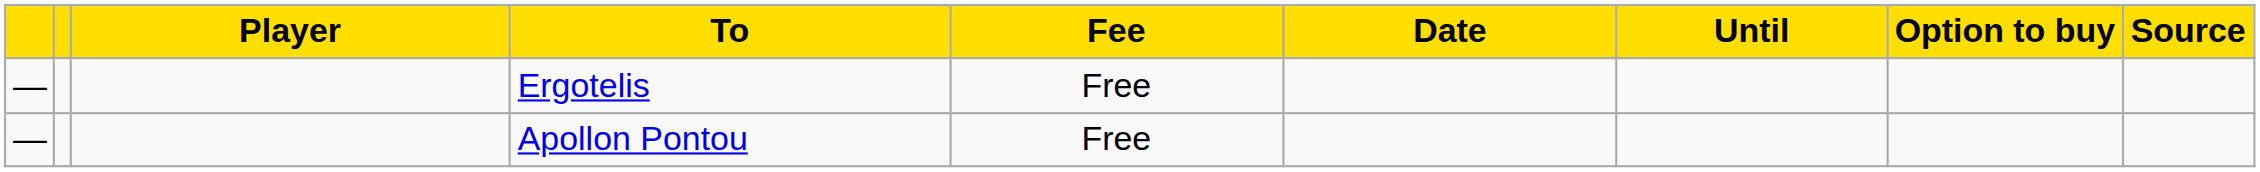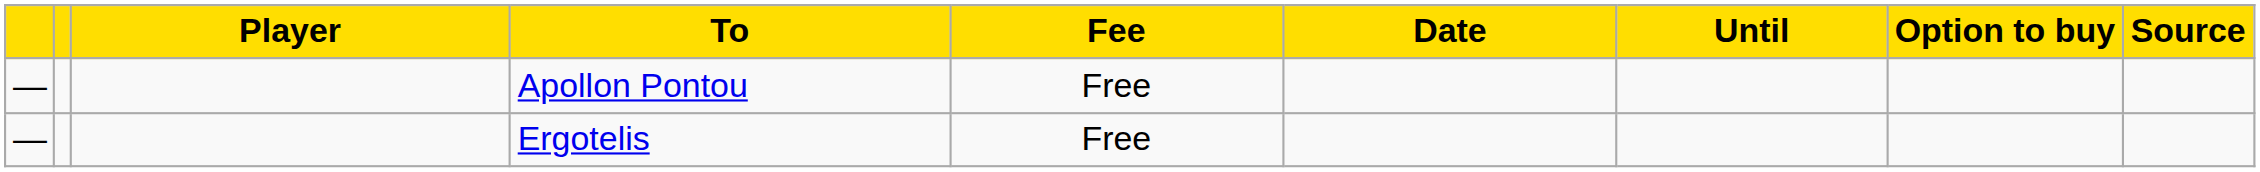 <table class="wikitable sortable">
 <tr>
 <th style="background:#FFDE00"></th>
 <th style="background:#FFDE00"></th>
 <th width=200 style="background:#FFDE00">Player</th>
 <th width=200 style="background:#FFDE00">To</th>
 <th width=150 style="background:#FFDE00">Fee</th>
 <th width=150 style="background:#FFDE00">Date</th>
 <th width=120 style="background:#FFDE00">Until</th>
 <th style="background:#FFDE00">Option to buy</th>
 <th style="background:#FFDE00">Source</th>
 </tr>
 <tr>
 <td align=center>—</td>
 <td align=center></td>
 <td></td>
-<td> <a href='#'>Ergotelis</a></td>
+<td> <a href='#'>Apollon Pontou</a></td>
 <td align=center>Free</td>
 <td align=center></td>
 <td align=center></td>
 <td align=center></td>
 <td align=center></td>
 </tr>
 <tr>
 <td align=center>—</td>
 <td align=center></td>
 <td></td>
-<td> <a href='#'>Apollon Pontou</a></td>
+<td> <a href='#'>Ergotelis</a></td>
 <td align=center>Free</td>
 <td align=center></td>
 <td align=center></td>
 <td align=center></td>
 <td align=center></td>
 </tr>
 </table>
